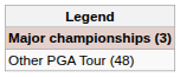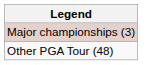 <table class="wikitable" style="font-size:95%;">
 <tr>
 <th>Legend</th>
 </tr>
 <tr style="background:#e5d1cb;">
-<td><strong>Major championships (3)</strong></td>
+<td>Major championships (3)</td>
 </tr>
 <tr>
 <td>Other PGA Tour (48)</td>
 </tr>
 </table>
